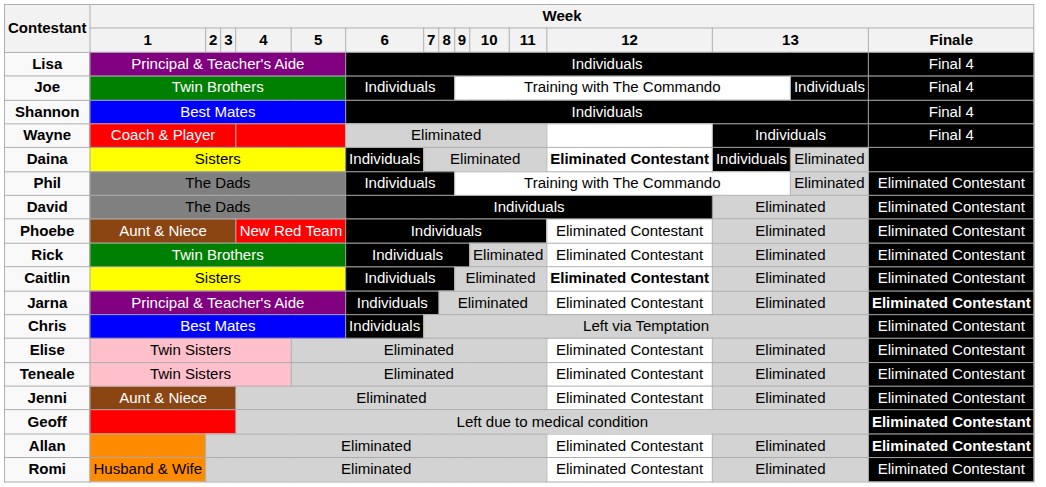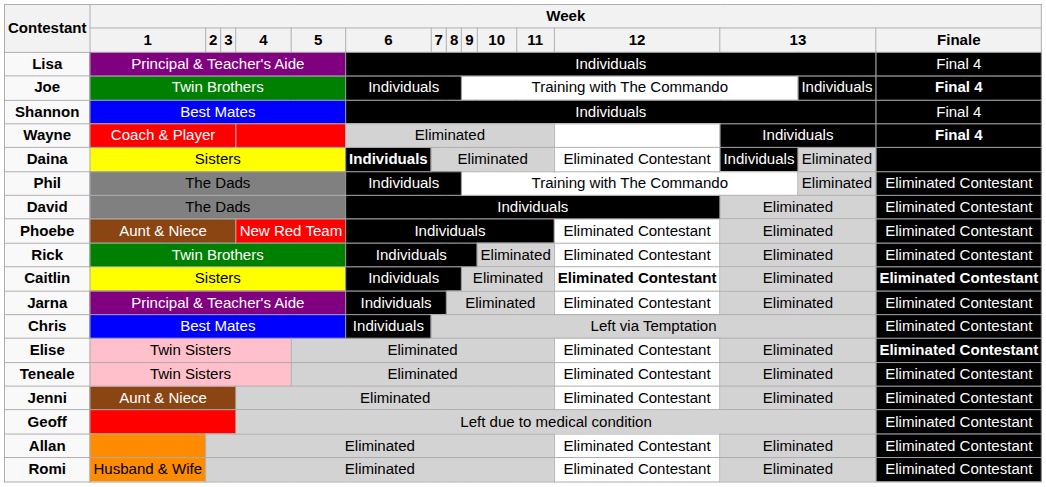 <table class="wikitable" style="text-align:center">
 <tr>
 <th rowspan=2>Contestant</th>
 <th colspan=15>Week</th>
 </tr>
 <tr>
 <th>1</th>
 <th>2</th>
 <th>3</th>
 <th>4</th>
 <th>5</th>
 <th>6</th>
 <th>7</th>
 <th>8</th>
 <th>9</th>
 <th>10</th>
 <th>11</th>
 <th>12</th>
 <th colspan=2>13</th>
 <th>Finale</th>
 </tr>
 <tr>
 <td><strong>Lisa</strong></td>
 <td style="background:purple;color:white;" colspan=5>Principal & Teacher's Aide</td>
 <td style="background:black;color:white;" colspan=9>Individuals</td>
 <td style="background:black;color:white;">Final 4</td>
 </tr>
 <tr>
 <td><strong>Joe</strong></td>
 <td style="background:green;color:white;" colspan=5>Twin Brothers</td>
 <td style="background:black;color:white;" colspan=3>Individuals</td>
 <td style="background:white;" colspan=5>Training with The Commando</td>
 <td style="background:black;color:white;">Individuals</td>
-<td style="background:black;color:white;">Final 4</td>
+<td style="background:black;color:white;"><strong>Final 4</strong></td>
 </tr>
 <tr>
 <td><strong>Shannon</strong></td>
 <td style="background:blue;color:white;" colspan=5>Best Mates</td>
 <td style="background:black;color:white;" colspan=9>Individuals</td>
 <td style="background:black;color:white;">Final 4</td>
 </tr>
 <tr>
 <td><strong>Wayne</strong></td>
 <td style="background:red;color:white;" colspan=3>Coach & Player</td>
 <td style="background:red;color:white;" colspan=2></td>
 <td style="background:lightgrey;" colspan=6>Eliminated</td>
 <td style="background:white;"></td>
 <td style="background:black;color:white;" colspan=2>Individuals</td>
-<td style="background:black;color:white;">Final 4</td>
+<td style="background:black;color:white;"><strong>Final 4</strong></td>
 </tr>
 <tr>
 <td><strong>Daina</strong></td>
 <td style="background:yellow;" colspan=5>Sisters</td>
-<td style="background:black;color:white;">Individuals</td>
+<td style="background:black;color:white;"><strong>Individuals</strong></td>
 <td style="background:lightgrey;" colspan=5>Eliminated</td>
-<td style="background:white;"><strong>Eliminated Contestant</strong></td>
+<td style="background:white;">Eliminated Contestant</td>
 <td style="background:black;color:white;">Individuals</td>
 <td style="background:lightgrey;">Eliminated</td>
 <td style="background:black;color:white;"></td>
 </tr>
 <tr>
 <td><strong>Phil</strong></td>
 <td style="background:gray;" colspan=5>The Dads</td>
 <td style="background:black;color:white;" colspan=3>Individuals</td>
 <td style="background:white;" colspan=5>Training with The Commando</td>
 <td style="background:lightgrey;">Eliminated</td>
 <td style="background:black;color:white;">Eliminated Contestant</td>
 </tr>
 <tr>
 <td><strong>David</strong></td>
 <td style="background:gray;" colspan=5>The Dads</td>
 <td style="background:black;color:white;" colspan=7>Individuals</td>
 <td style="background:lightgrey;" colspan=2>Eliminated</td>
 <td style="background:black;color:white;">Eliminated Contestant</td>
 </tr>
 <tr>
 <td><strong>Phoebe</strong></td>
 <td style="background:saddlebrown;color:white;" colspan=3>Aunt & Niece</td>
 <td style="background:red;color:white;" colspan=2>New Red Team</td>
 <td style="background:black;color:white;" colspan=6>Individuals</td>
 <td style="background:white;">Eliminated Contestant</td>
 <td style="background:lightgrey;" colspan=2>Eliminated</td>
 <td style="background:black;color:white;">Eliminated Contestant</td>
 </tr>
 <tr>
 <td><strong>Rick</strong></td>
 <td style="background:green;color:white;" colspan=5>Twin Brothers</td>
 <td style="background:black;color:white;" colspan=4>Individuals</td>
 <td style="background:lightgrey;" colspan=2>Eliminated</td>
 <td style="background:white;">Eliminated Contestant</td>
 <td style="background:lightgrey;" colspan=2>Eliminated</td>
 <td style="background:black;color:white;">Eliminated Contestant</td>
 </tr>
 <tr>
 <td><strong>Caitlin</strong></td>
 <td style="background:yellow;" colspan=5>Sisters</td>
 <td style="background:black;color:white;" colspan=3>Individuals</td>
 <td style="background:lightgrey;" colspan=3>Eliminated</td>
 <td style="background:white;"><strong>Eliminated Contestant</strong></td>
 <td style="background:lightgrey;" colspan=2>Eliminated</td>
-<td style="background:black;color:white;">Eliminated Contestant</td>
+<td style="background:black;color:white;"><strong>Eliminated Contestant</strong></td>
 </tr>
 <tr>
 <td><strong>Jarna</strong></td>
 <td style="background:purple;color:white;" colspan=5>Principal & Teacher's Aide</td>
 <td style="background:black;color:white;" colspan=2>Individuals</td>
 <td style="background:lightgrey;" colspan=4>Eliminated</td>
 <td style="background:white;">Eliminated Contestant</td>
 <td style="background:lightgrey;" colspan=2>Eliminated</td>
-<td style="background:black;color:white;"><strong>Eliminated Contestant</strong></td>
+<td style="background:black;color:white;">Eliminated Contestant</td>
 </tr>
 <tr>
 <td><strong>Chris</strong></td>
 <td style="background:blue;color:white;" colspan=5>Best Mates</td>
 <td style="background:black;color:white;">Individuals</td>
 <td style="background:lightgrey;" colspan=8>Left via Temptation</td>
 <td style="background:black;color:white;">Eliminated Contestant</td>
 </tr>
 <tr>
 <td><strong>Elise</strong></td>
 <td style="background:pink;" colspan=4>Twin Sisters</td>
 <td style="background:lightgrey;" colspan=7>Eliminated</td>
 <td style="background:white;">Eliminated Contestant</td>
 <td style="background:lightgrey;" colspan=2>Eliminated</td>
-<td style="background:black;color:white;">Eliminated Contestant</td>
+<td style="background:black;color:white;"><strong>Eliminated Contestant</strong></td>
 </tr>
 <tr>
 <td><strong>Teneale</strong></td>
 <td style="background:pink;" colspan=4>Twin Sisters</td>
 <td style="background:lightgrey;" colspan=7>Eliminated</td>
 <td style="background:white;">Eliminated Contestant</td>
 <td style="background:lightgrey;" colspan=2>Eliminated</td>
 <td style="background:black;color:white;">Eliminated Contestant</td>
 </tr>
 <tr>
 <td><strong>Jenni</strong></td>
 <td style="background:saddlebrown;color:white;" colspan=3>Aunt & Niece</td>
 <td style="background:lightgrey;" colspan=8>Eliminated</td>
 <td style="background:white;">Eliminated Contestant</td>
 <td style="background:lightgrey;" colspan=2>Eliminated</td>
 <td style="background:black;color:white;">Eliminated Contestant</td>
 </tr>
 <tr>
 <td><strong>Geoff</strong></td>
 <td style="background:red;color:white;" colspan=3></td>
 <td style="background:lightgrey" colspan=11>Left due to medical condition</td>
-<td style="background:black;color:white;"><strong>Eliminated Contestant</strong></td>
+<td style="background:black;color:white;">Eliminated Contestant</td>
 </tr>
 <tr>
 <td><strong>Allan</strong></td>
 <td style="background:darkorange"></td>
 <td style="background:lightgrey" colspan=10>Eliminated</td>
 <td style="background:white">Eliminated Contestant</td>
 <td style="background:lightgrey" colspan=2>Eliminated</td>
-<td style="background:black;color:white;"><strong>Eliminated Contestant</strong></td>
+<td style="background:black;color:white;">Eliminated Contestant</td>
 </tr>
 <tr>
 <td><strong>Romi</strong></td>
 <td style="background:darkorange">Husband & Wife</td>
 <td style="background:lightgrey" colspan=10>Eliminated</td>
 <td style="background:white">Eliminated Contestant</td>
 <td style="background:lightgrey" colspan=2>Eliminated</td>
 <td style="background:black;color:white;">Eliminated Contestant</td>
 </tr>
 </table>
